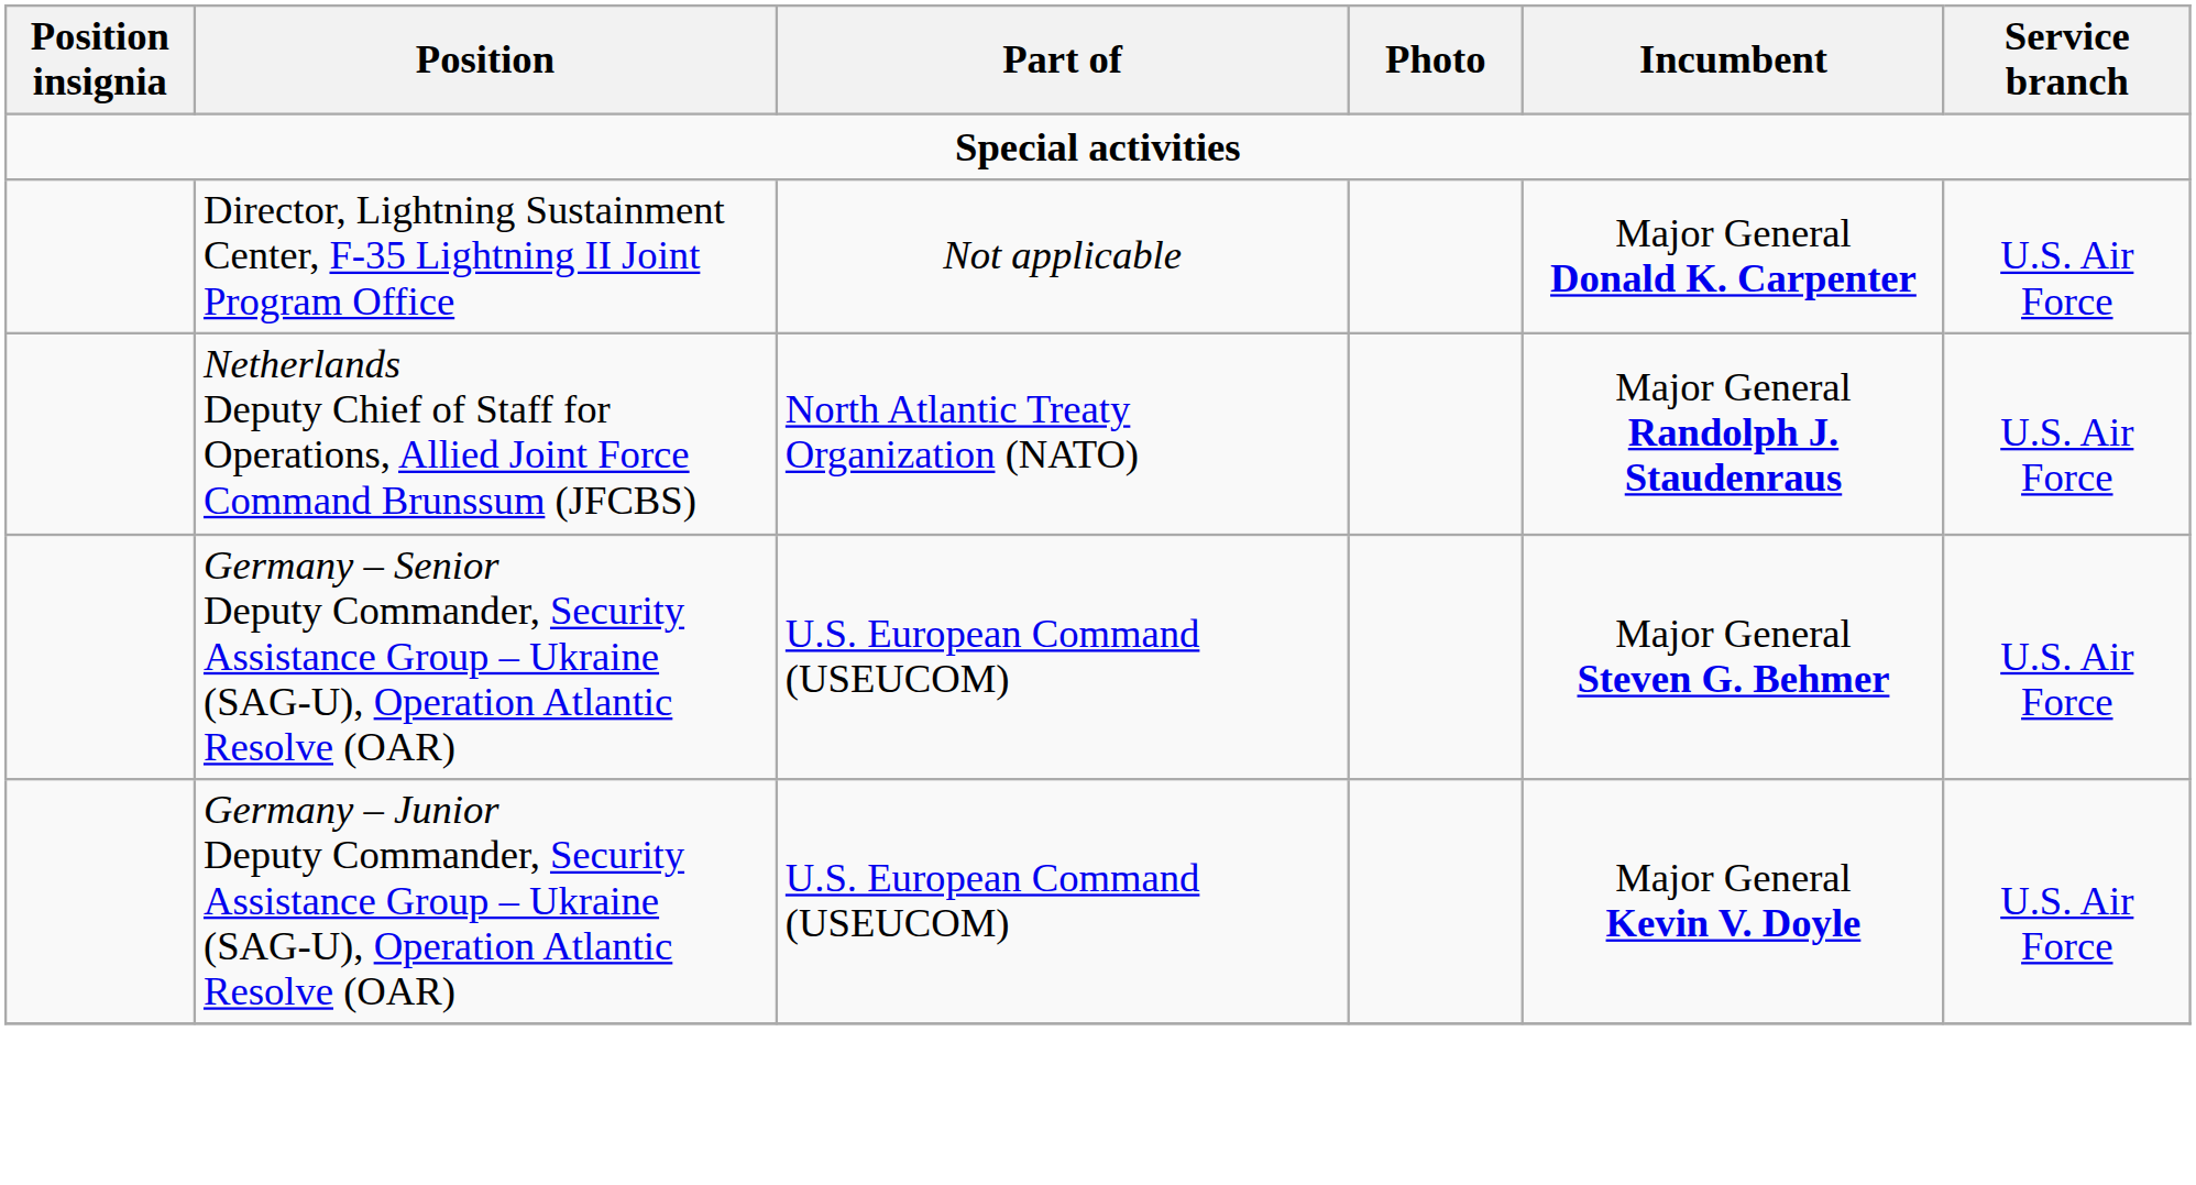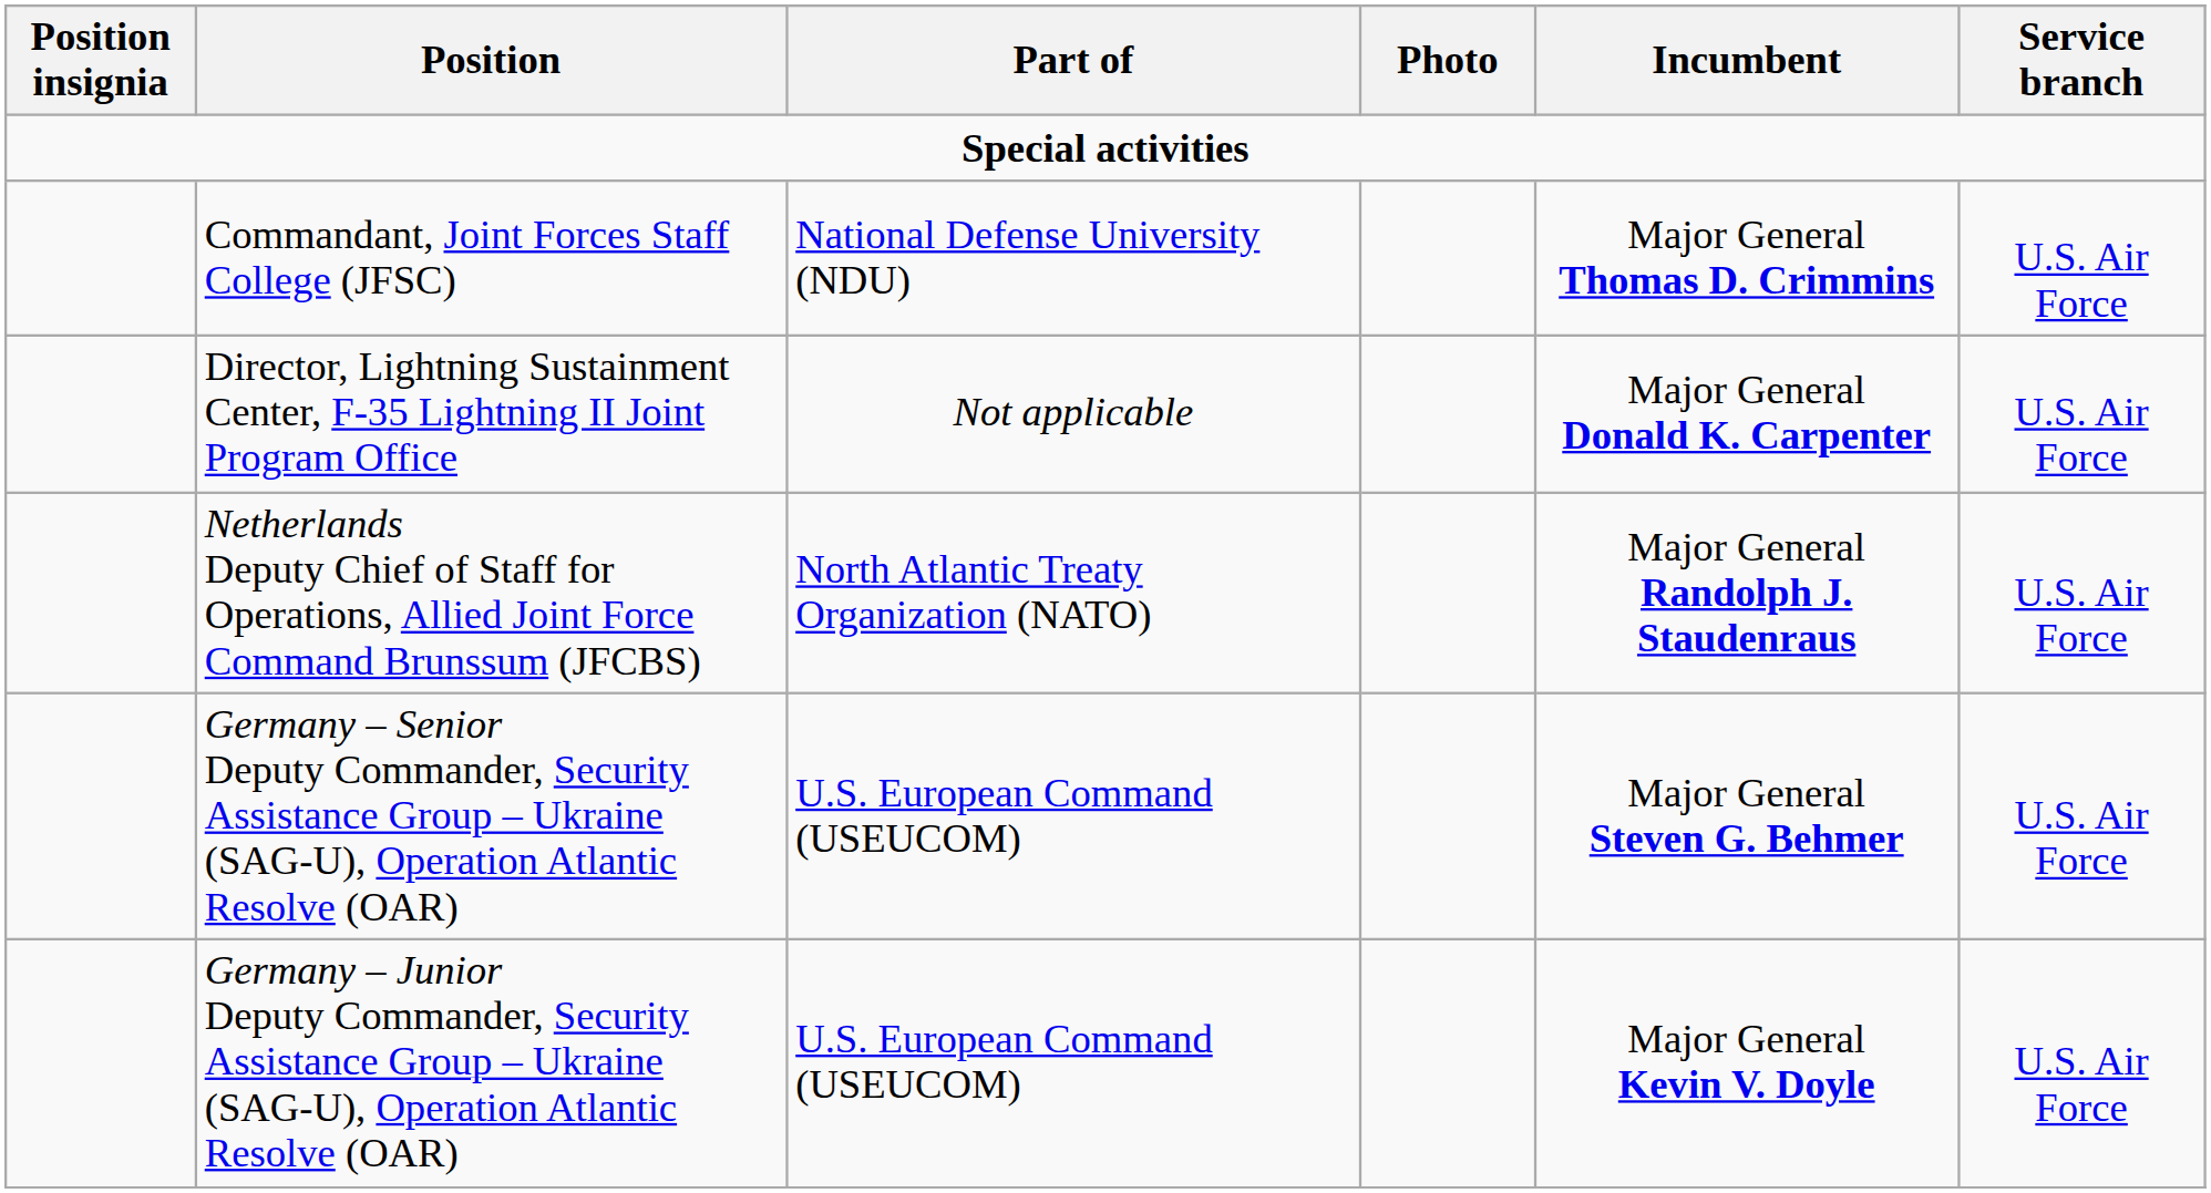 <table class="wikitable">
 <tr>
 <th width="75" style="text-align:center">Position insignia</th>
 <th width="310" style="text-align:center">Position</th>
 <th width="300" style="text-align:center">Part of</th>
 <th width="75" style="text-align:center">Photo</th>
 <th width="205" style="text-align:center">Incumbent</th>
 <th width="115" style="text-align:center">Service branch</th>
 </tr>
 <tr>
 <td colspan="6" style="text-align:center"><strong>Special activities</strong></td>
+</tr>
+<tr>
+<td></td>
+<td>Commandant, <a href='#'>Joint Forces Staff College</a> (JFSC)</td>
+<td> <a href='#'>National Defense University</a> (NDU)</td>
+<td></td>
+<td style="text-align:center">Major General<br><strong><a href='#'>Thomas D. Crimmins</a></strong></td>
+<td style="text-align:center"><br><a href='#'>U.S. Air Force</a></td>
 </tr>
 <tr>
 <td></td>
 <td>Director, Lightning Sustainment Center, <a href='#'>F-35 Lightning II Joint Program Office</a></td>
 <td style="text-align:center"><em>Not applicable</em></td>
 <td></td>
 <td style="text-align:center">Major General<br><strong><a href='#'>Donald K. Carpenter</a></strong></td>
 <td style="text-align:center"><br><a href='#'>U.S. Air Force</a></td>
 </tr>
 <tr>
 <td></td>
 <td><em>Netherlands</em><br>Deputy Chief of Staff for Operations, <a href='#'>Allied Joint Force Command Brunssum</a> (JFCBS)</td>
 <td> <a href='#'>North Atlantic Treaty Organization</a> (NATO)</td>
 <td></td>
 <td style="text-align:center">Major General<br><strong><a href='#'>Randolph J. Staudenraus</a></strong></td>
 <td style="text-align:center"><br><a href='#'>U.S. Air Force</a></td>
 </tr>
 <tr>
 <td></td>
 <td><em>Germany – Senior</em><br>Deputy Commander, <a href='#'>Security Assistance Group – Ukraine</a> (SAG-U), <a href='#'>Operation Atlantic Resolve</a> (OAR)</td>
 <td> <a href='#'>U.S. European Command</a> (USEUCOM)</td>
 <td></td>
 <td style="text-align:center">Major General<br><strong><a href='#'>Steven G. Behmer</a></strong></td>
 <td style="text-align:center"><br><a href='#'>U.S. Air Force</a></td>
 </tr>
 <tr>
 <td></td>
 <td><em>Germany – Junior</em><br>Deputy Commander, <a href='#'>Security Assistance Group – Ukraine</a> (SAG-U), <a href='#'>Operation Atlantic Resolve</a> (OAR)</td>
 <td> <a href='#'>U.S. European Command</a> (USEUCOM)</td>
 <td></td>
 <td style="text-align:center">Major General<br><strong><a href='#'>Kevin V. Doyle</a></strong></td>
 <td style="text-align:center"><br><a href='#'>U.S. Air Force</a></td>
 </tr>
 <tr>
 </tr>
 </table>
